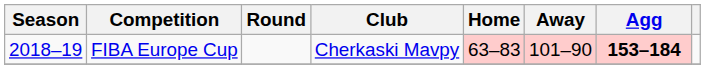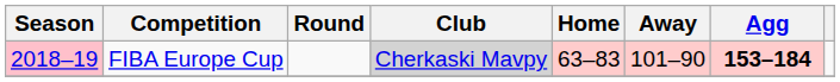 <table class="wikitable mw-collapsible" style="font-size:95%;">
 <tr>
 <th>Season</th>
 <th>Competition</th>
 <th>Round</th>
 <th>Club</th>
 <th>Home</th>
 <th>Away</th>
 <th width="70"><a href='#'>Agg</a></th>
 <th></th>
 </tr>
 <tr>
-<td scope="col"><a href='#'>2018–19</a></td>
+<td scope="col" style="background: pink;"><a href='#'>2018–19</a></td>
 <td><a href='#'>FIBA Europe Cup</a></td>
 <td></td>
-<td> <a href='#'>Cherkaski Mavpy</a></td>
+<td style="background: lightgrey;"> <a href='#'>Cherkaski Mavpy</a></td>
 <td style="text-align:center;" bgcolor=#fcc>63–83</td>
 <td style="text-align:center;" bgcolor=#fcc>101–90</td>
 <td style="text-align:center;" bgcolor=#fcc><strong>153–184</strong></td>
 <td></td>
 </tr>
 <tr>
 </tr>
 </table>
